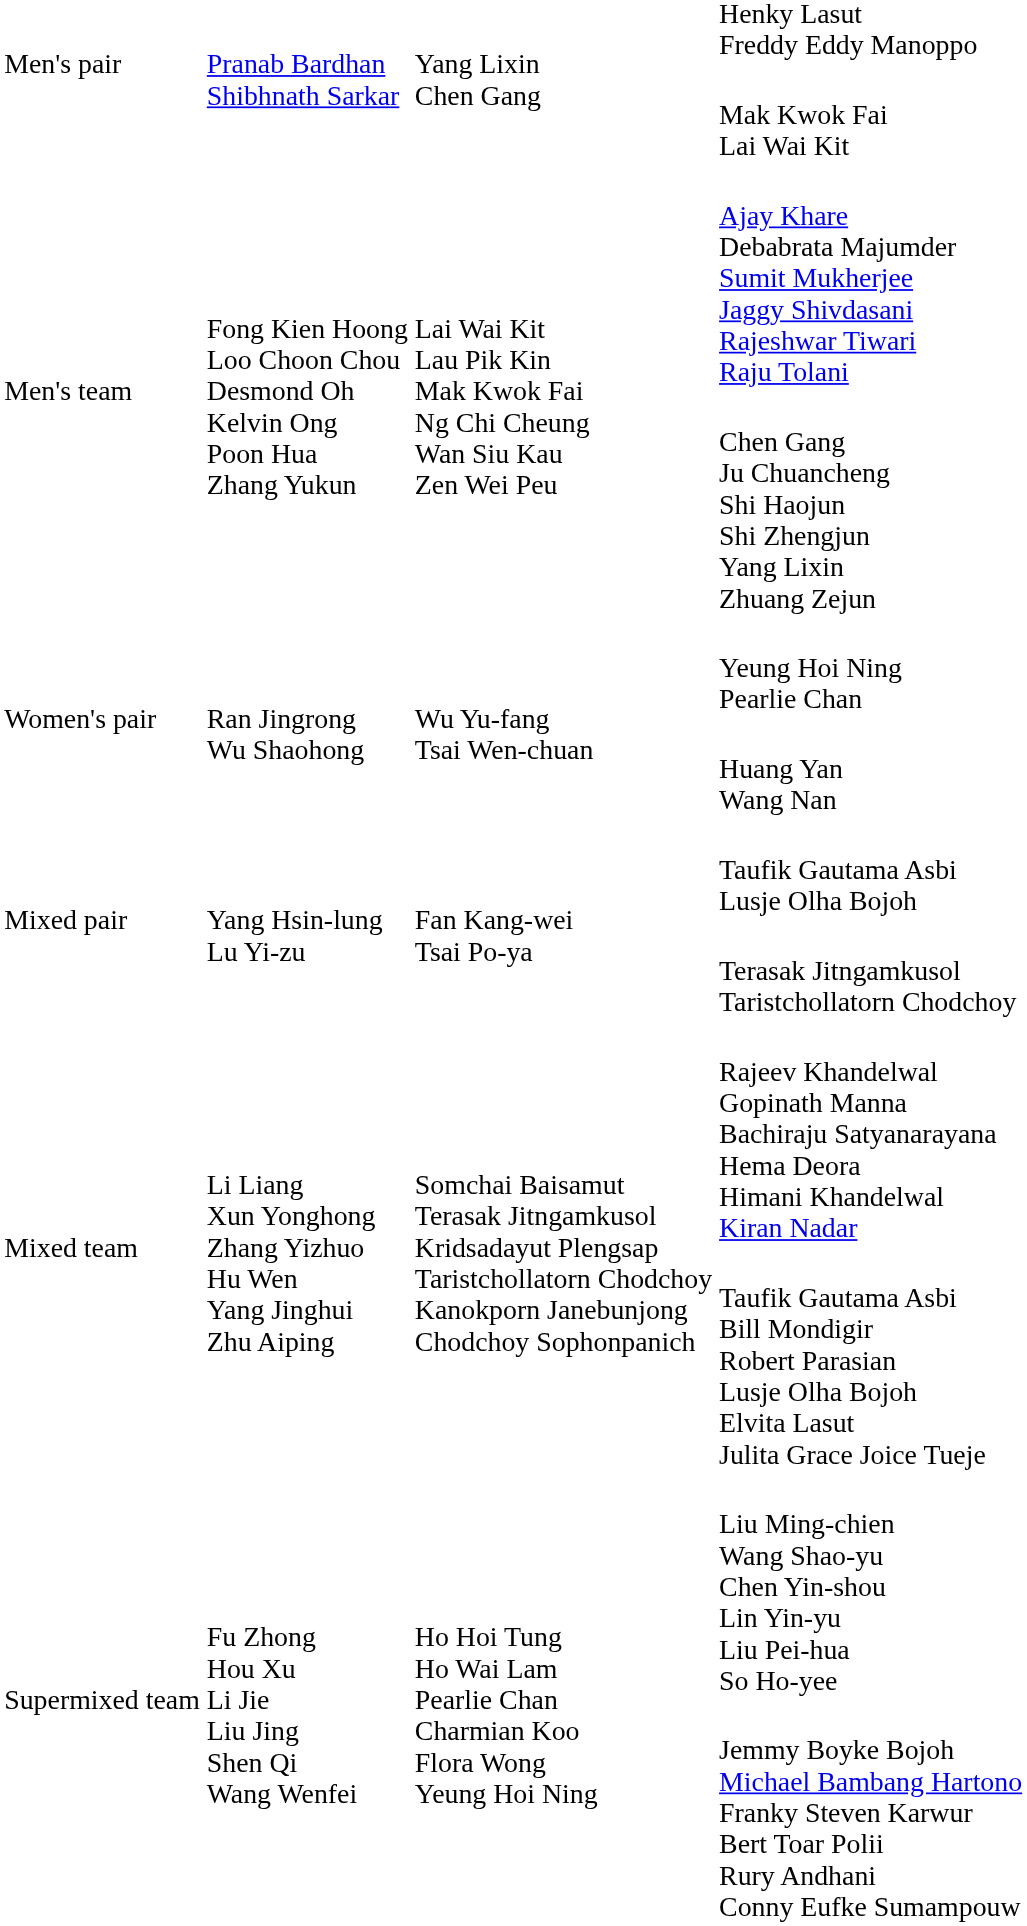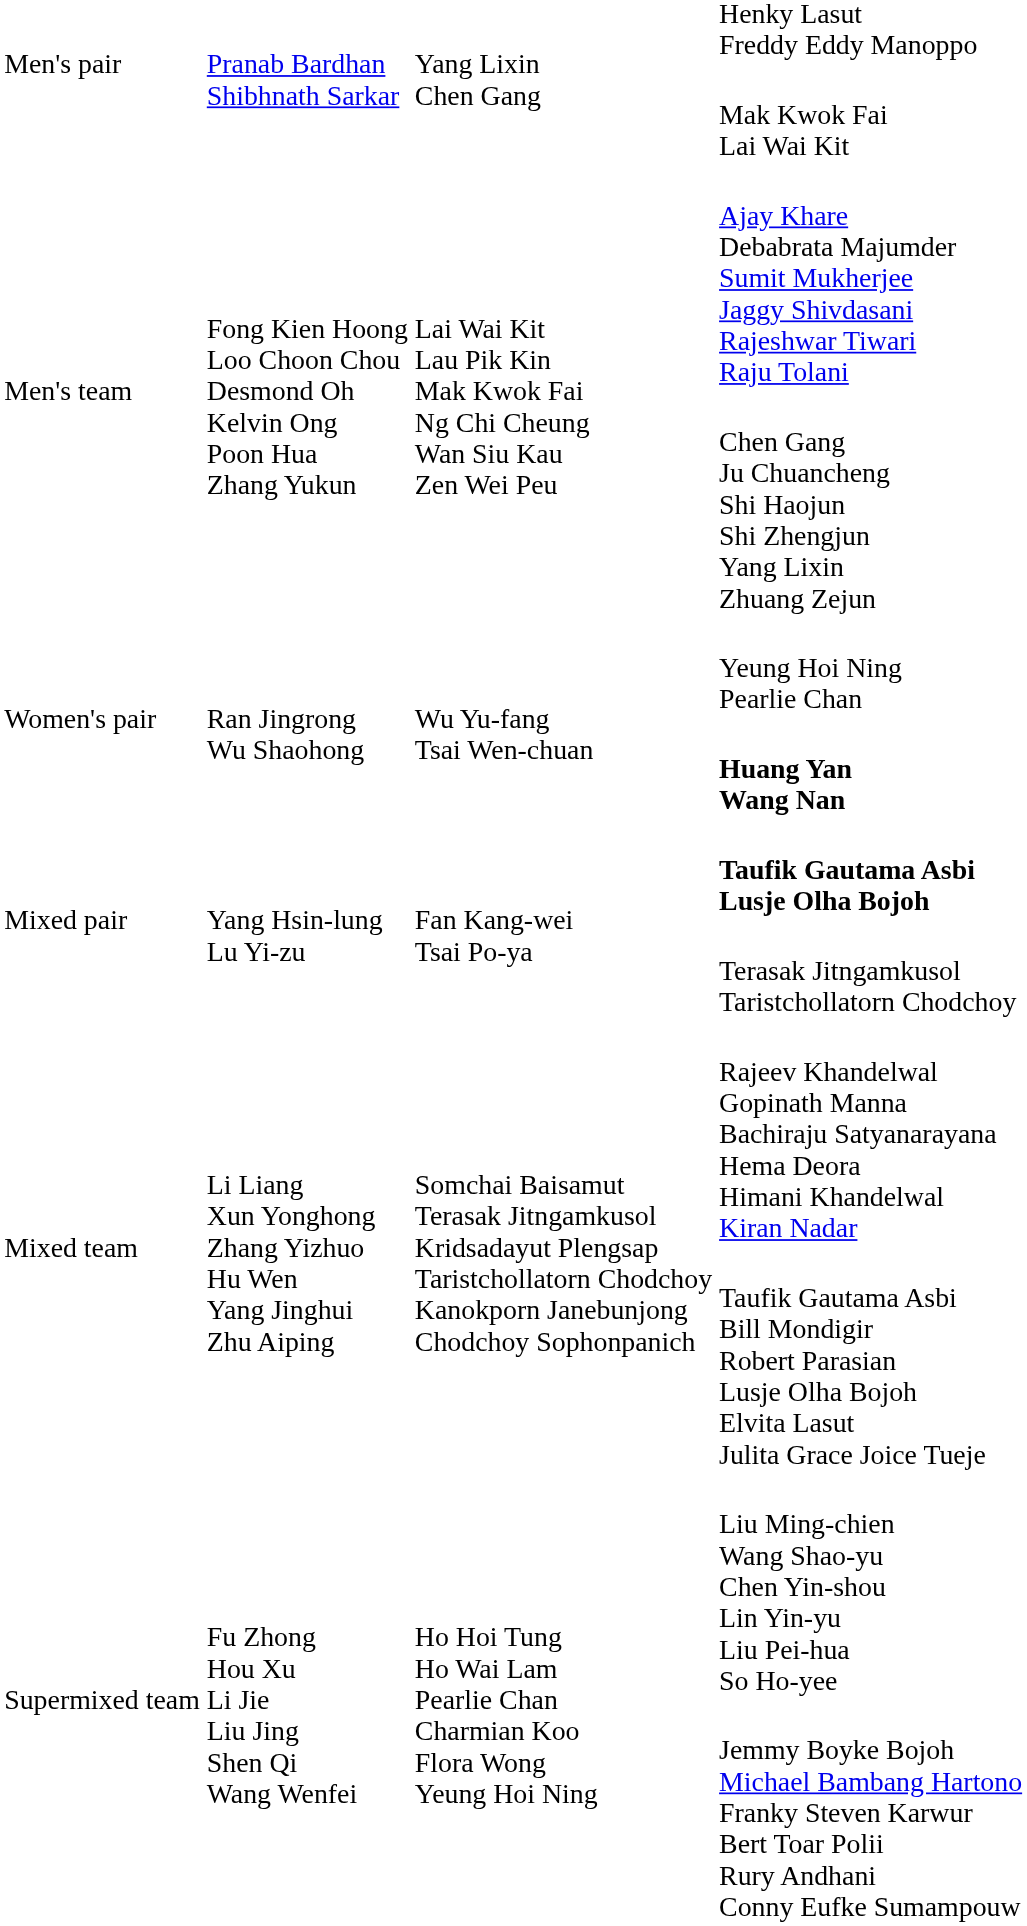 <table>
 <tr>
 <td rowspan=2>Men's pair<br></td>
 <td rowspan=2><br><a href='#'>Pranab Bardhan</a><br><a href='#'>Shibhnath Sarkar</a></td>
 <td rowspan=2><br>Yang Lixin<br>Chen Gang</td>
 <td><br>Henky Lasut<br>Freddy Eddy Manoppo</td>
 </tr>
 <tr>
 <td><br>Mak Kwok Fai<br>Lai Wai Kit</td>
 </tr>
 <tr>
 <td rowspan=2>Men's team<br></td>
 <td rowspan=2><br>Fong Kien Hoong<br>Loo Choon Chou<br>Desmond Oh<br>Kelvin Ong<br>Poon Hua<br>Zhang Yukun</td>
 <td rowspan=2><br>Lai Wai Kit<br>Lau Pik Kin<br>Mak Kwok Fai<br>Ng Chi Cheung<br>Wan Siu Kau<br>Zen Wei Peu</td>
 <td><br><a href='#'>Ajay Khare</a><br>Debabrata Majumder<br><a href='#'>Sumit Mukherjee</a><br><a href='#'>Jaggy Shivdasani</a><br><a href='#'>Rajeshwar Tiwari</a><br><a href='#'>Raju Tolani</a></td>
 </tr>
 <tr>
 <td><br>Chen Gang<br>Ju Chuancheng<br>Shi Haojun<br>Shi Zhengjun<br>Yang Lixin<br>Zhuang Zejun</td>
 </tr>
 <tr>
 <td rowspan=2>Women's pair<br></td>
 <td rowspan=2><br>Ran Jingrong<br>Wu Shaohong</td>
 <td rowspan=2><br>Wu Yu-fang<br>Tsai Wen-chuan</td>
 <td><br>Yeung Hoi Ning<br>Pearlie Chan</td>
 </tr>
 <tr>
-<td><br>Huang Yan<br>Wang Nan</td>
+<td><strong><br>Huang Yan<br>Wang Nan</strong></td>
 </tr>
 <tr>
 <td rowspan=2>Mixed pair<br></td>
 <td rowspan=2><br>Yang Hsin-lung<br>Lu Yi-zu</td>
 <td rowspan=2><br>Fan Kang-wei<br>Tsai Po-ya</td>
-<td><br>Taufik Gautama Asbi<br>Lusje Olha Bojoh</td>
+<td><strong><br>Taufik Gautama Asbi<br>Lusje Olha Bojoh</strong></td>
 </tr>
 <tr>
 <td><br>Terasak Jitngamkusol<br>Taristchollatorn Chodchoy</td>
 </tr>
 <tr>
 <td rowspan=2>Mixed team<br></td>
 <td rowspan=2><br>Li Liang<br>Xun Yonghong<br>Zhang Yizhuo<br>Hu Wen<br>Yang Jinghui<br>Zhu Aiping</td>
 <td rowspan=2><br>Somchai Baisamut<br>Terasak Jitngamkusol<br>Kridsadayut Plengsap<br>Taristchollatorn Chodchoy<br>Kanokporn Janebunjong<br>Chodchoy Sophonpanich</td>
 <td><br>Rajeev Khandelwal<br>Gopinath Manna<br>Bachiraju Satyanarayana<br>Hema Deora<br>Himani Khandelwal<br><a href='#'>Kiran Nadar</a></td>
 </tr>
 <tr>
 <td><br>Taufik Gautama Asbi<br>Bill Mondigir<br>Robert Parasian<br>Lusje Olha Bojoh<br>Elvita Lasut<br>Julita Grace Joice Tueje</td>
 </tr>
 <tr>
 <td rowspan=2>Supermixed team<br></td>
 <td rowspan=2><br>Fu Zhong<br>Hou Xu<br>Li Jie<br>Liu Jing<br>Shen Qi<br>Wang Wenfei</td>
 <td rowspan=2><br>Ho Hoi Tung<br>Ho Wai Lam<br>Pearlie Chan<br>Charmian Koo<br>Flora Wong<br>Yeung Hoi Ning</td>
 <td><br>Liu Ming-chien<br>Wang Shao-yu<br>Chen Yin-shou<br>Lin Yin-yu<br>Liu Pei-hua<br>So Ho-yee</td>
 </tr>
 <tr>
 <td><br>Jemmy Boyke Bojoh<br><a href='#'>Michael Bambang Hartono</a><br>Franky Steven Karwur<br>Bert Toar Polii<br>Rury Andhani<br>Conny Eufke Sumampouw</td>
 </tr>
 </table>
